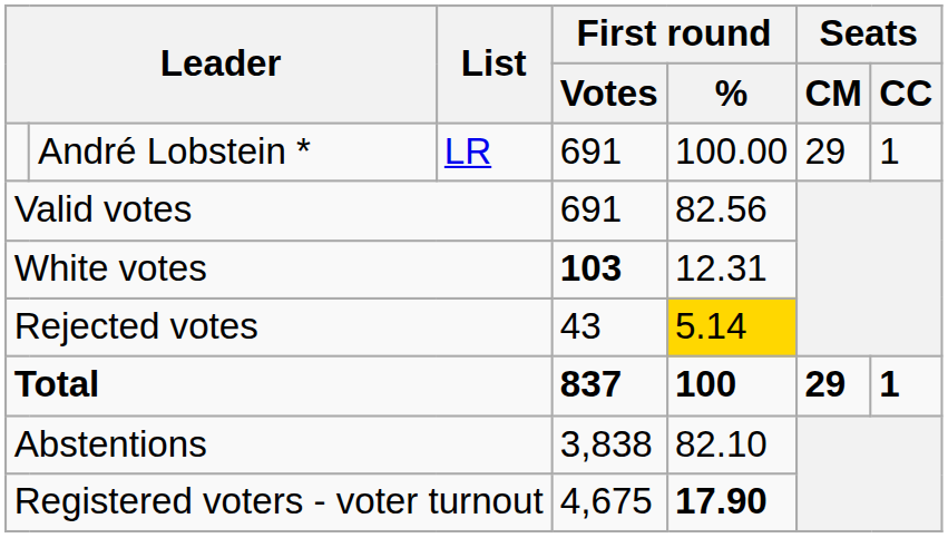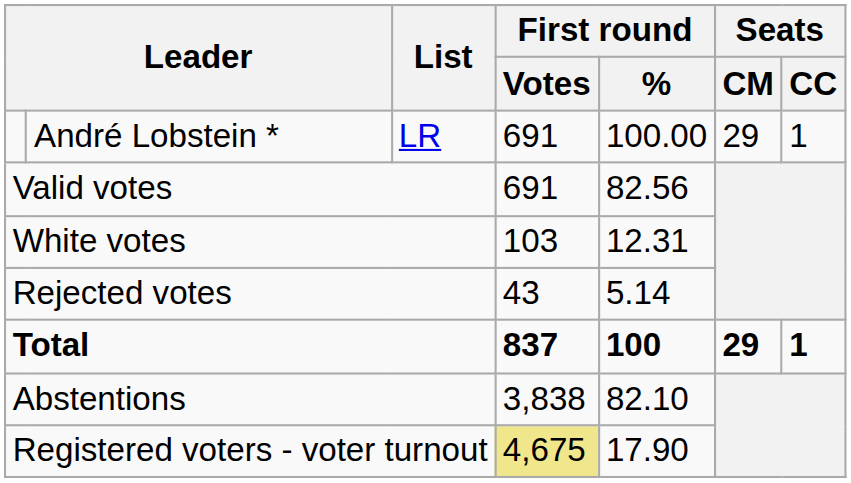 <table class="wikitable">
 <tr>
 <th colspan="2" rowspan="2">Leader</th>
 <th rowspan="2">List</th>
 <th colspan="2">First round</th>
 <th colspan="2">Seats</th>
 </tr>
 <tr>
 <th>Votes</th>
 <th>%</th>
 <th>CM</th>
 <th>CC</th>
 </tr>
 <tr>
 <td bgcolor=></td>
 <td>André Lobstein *</td>
 <td><a href='#'>LR</a></td>
 <td>691</td>
 <td>100.00</td>
 <td>29</td>
 <td>1</td>
 </tr>
 <tr>
 <td colspan="3">Valid votes</td>
 <td>691</td>
 <td>82.56</td>
 <th colspan="2" rowspan="3"></th>
 </tr>
 <tr>
 <td colspan="3">White votes</td>
-<td><strong>103</strong></td>
+<td>103</td>
 <td>12.31</td>
 </tr>
 <tr>
 <td colspan="3">Rejected votes</td>
 <td>43</td>
-<td style="background: gold;">5.14</td>
+<td>5.14</td>
 </tr>
 <tr>
 <td colspan="3"><strong>Total</strong></td>
 <td><strong>837</strong></td>
 <td><strong>100</strong></td>
 <td><strong>29</strong></td>
 <td><strong>1</strong></td>
 </tr>
 <tr>
 <td colspan="3">Abstentions</td>
 <td>3,838</td>
 <td>82.10</td>
 <th colspan="2" rowspan="2"></th>
 </tr>
 <tr>
 <td colspan="3">Registered voters - voter turnout</td>
-<td>4,675</td>
-<td><strong>17.90</strong></td>
+<td style="background: khaki;">4,675</td>
+<td>17.90</td>
 </tr>
 </table>
